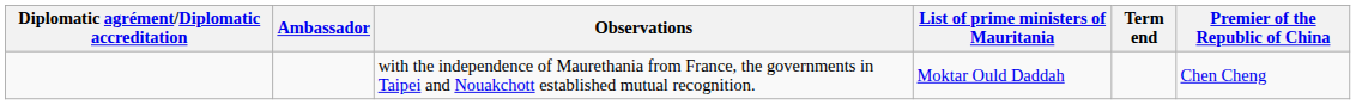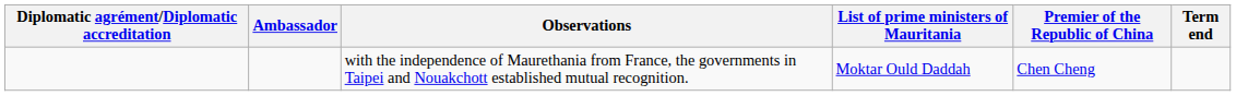 <table class="wikitable sortable">
 <tr>
 <th>Diplomatic <a href='#'>agrément</a>/<a href='#'>Diplomatic accreditation</a></th>
 <th><a href='#'>Ambassador</a></th>
 <th>Observations</th>
 <th><a href='#'>List of prime ministers of Mauritania</a></th>
+<th><a href='#'>Premier of the Republic of China</a></th>
 <th>Term end</th>
-<th><a href='#'>Premier of the Republic of China</a></th>
 </tr>
 <tr>
 <td></td>
 <td></td>
 <td>with the independence of Maurethania from France, the governments in <a href='#'>Taipei</a> and <a href='#'>Nouakchott</a> established mutual recognition.</td>
 <td><a href='#'>Moktar Ould Daddah</a></td>
+<td><a href='#'>Chen Cheng</a></td>
 <td></td>
-<td><a href='#'>Chen Cheng</a></td>
 </tr>
 </table>
